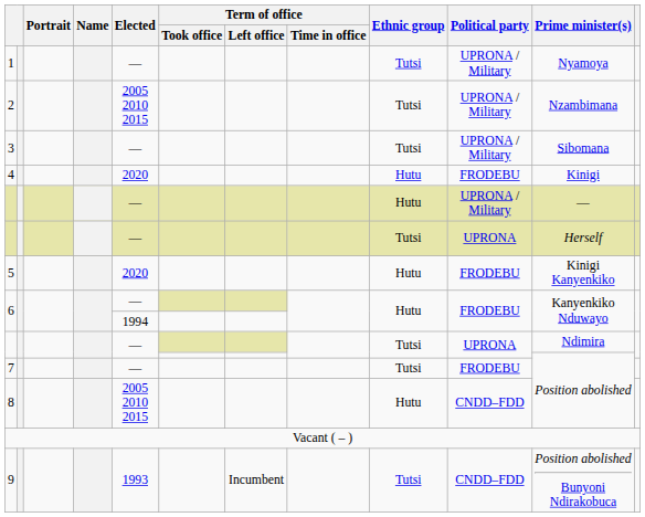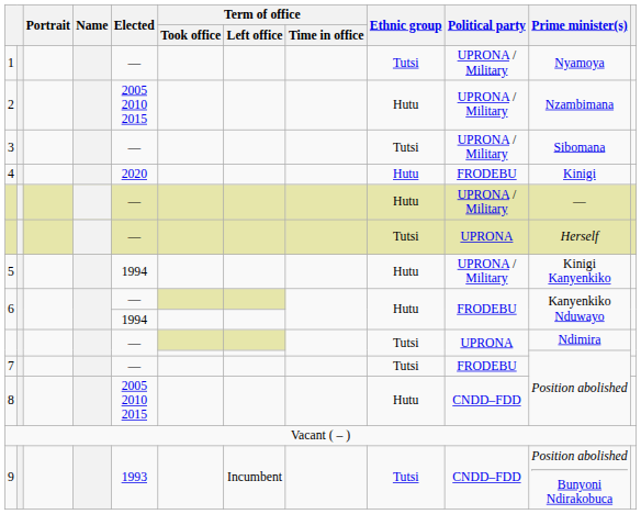 <table class="wikitable sortable" style="text-align:center">
 <tr>
 <th rowspan="2" colspan="2" scope="col"></th>
 <th rowspan="2" scope="col" class="unsortable">Portrait</th>
 <th rowspan="2" scope="col">Name<br></th>
 <th rowspan="2" scope="col">Elected</th>
 <th colspan="3" scope="colgroup">Term of office</th>
 <th rowspan="2" scope="col"><a href='#'>Ethnic group</a></th>
 <th rowspan="2" scope="col"><a href='#'>Political party</a></th>
 <th rowspan="2" scope="col"><a href='#'>Prime minister(s)</a></th>
 <th rowspan="2" scope="col" class="unsortable"></th>
 </tr>
 <tr>
 <th scope="col">Took office</th>
 <th scope="col">Left office</th>
 <th scope="col">Time in office</th>
 </tr>
 <tr>
 <td>1</td>
 <th style="background:"></th>
 <td></td>
 <th scope="row"><br></th>
 <td>—</td>
 <td></td>
 <td><br></td>
 <td></td>
 <td><a href='#'>Tutsi</a></td>
 <td><a href='#'>UPRONA</a> / <br><a href='#'>Military</a></td>
 <td><a href='#'>Nyamoya</a></td>
 <td></td>
 </tr>
 <tr>
 <td>2</td>
 <th style="background:"></th>
 <td></td>
 <th scope="row"><br><br></th>
 <td><a href='#'>2005</a><br><a href='#'>2010</a><br><a href='#'>2015</a></td>
 <td></td>
 <td><br></td>
 <td></td>
-<td>Tutsi</td>
+<td>Hutu</td>
 <td><a href='#'>UPRONA</a> / <br><a href='#'>Military</a></td>
 <td><a href='#'>Nzambimana</a></td>
 <td></td>
 </tr>
 <tr>
 <td>3</td>
 <th style="background:"></th>
 <td></td>
 <th scope="row"><br><br></th>
 <td>—</td>
 <td></td>
 <td></td>
 <td></td>
 <td>Tutsi</td>
 <td><a href='#'>UPRONA</a> / <br><a href='#'>Military</a></td>
 <td><a href='#'>Sibomana</a></td>
 <td></td>
 </tr>
 <tr>
 <td>4</td>
 <th style="background:"></th>
 <td></td>
 <th scope="row"><br></th>
 <td><a href='#'>2020</a></td>
 <td></td>
 <td><br></td>
 <td></td>
 <td><a href='#'>Hutu</a></td>
 <td><a href='#'>FRODEBU</a></td>
 <td><a href='#'>Kinigi</a></td>
 <td></td>
 </tr>
 <tr style="background:#e6e6aa;">
 <td></td>
 <th style="background:"></th>
 <td></td>
 <th scope="row"><br><br></th>
 <td>—</td>
 <td></td>
 <td></td>
 <td></td>
 <td>Hutu</td>
 <td><a href='#'>UPRONA</a> / <br><a href='#'>Military</a></td>
 <td>—</td>
 <td></td>
 </tr>
 <tr style="background:#e6e6aa;">
 <td></td>
 <th style="background:"></th>
 <td></td>
 <th scope="row"><br><br></th>
 <td>—</td>
 <td></td>
 <td></td>
 <td></td>
 <td>Tutsi</td>
 <td><a href='#'>UPRONA</a></td>
 <td><em>Herself</em></td>
 <td></td>
 </tr>
 <tr>
 <td>5</td>
 <th style="background:"></th>
 <td></td>
 <th scope="row"><br></th>
-<td><a href='#'>2020</a></td>
+<td>1994</td>
 <td></td>
 <td><br></td>
 <td></td>
 <td>Hutu</td>
-<td><a href='#'>FRODEBU</a></td>
+<td><a href='#'>UPRONA</a> / <br><a href='#'>Military</a></td>
 <td>Kinigi<br><a href='#'>Kanyenkiko</a></td>
 <td></td>
 </tr>
 <tr>
 <td rowspan="2">6</td>
 <th rowspan="2" style="background:"></th>
 <td rowspan="2"></td>
 <th rowspan="2" scope="row"><br></th>
 <td>—</td>
 <td style="background:#e6e6aa;"></td>
 <td style="background:#e6e6aa;"></td>
 <td rowspan="2"></td>
 <td rowspan="2">Hutu</td>
 <td rowspan="2"><a href='#'>FRODEBU</a></td>
 <td rowspan="2">Kanyenkiko<br><a href='#'>Nduwayo</a></td>
 <td rowspan="2"></td>
 </tr>
 <tr>
 <td>1994</td>
 <td></td>
 <td><br></td>
 </tr>
 <tr>
 <td rowspan="2"></td>
 <th rowspan="2" style="background:"></th>
 <td rowspan="2"></td>
 <th rowspan="2" scope="row"><br></th>
 <td rowspan="2">—</td>
 <td style="background:#e6e6aa;"></td>
 <td style="background:#e6e6aa;"></td>
 <td rowspan="2"></td>
 <td rowspan="2">Tutsi</td>
 <td rowspan="2"><a href='#'>UPRONA</a></td>
 <td><a href='#'>Ndimira</a></td>
 <td rowspan="2"></td>
 </tr>
 <tr>
 <td></td>
 <td></td>
 <td rowspan="3"><em>Position abolished</em></td>
 </tr>
 <tr>
 <td>7</td>
 <th style="background:"></th>
 <td></td>
 <th scope="row"><br></th>
 <td>—</td>
 <td></td>
 <td></td>
 <td></td>
 <td>Tutsi</td>
 <td><a href='#'>FRODEBU</a></td>
 <td></td>
 </tr>
 <tr>
 <td>8</td>
 <th style="background:"></th>
 <td></td>
 <th scope="row"><br></th>
 <td><a href='#'>2005</a><br><a href='#'>2010</a><br><a href='#'>2015</a></td>
 <td></td>
 <td></td>
 <td></td>
 <td>Hutu</td>
 <td><a href='#'>CNDD–FDD</a></td>
 <td></td>
 </tr>
 <tr>
 <td colspan="12">Vacant ( – )</td>
 </tr>
 <tr>
 <td>9</td>
 <th style="background:"></th>
 <td></td>
 <th scope="row"><br></th>
 <td><a href='#'>1993</a></td>
 <td></td>
 <td>Incumbent</td>
 <td></td>
 <td><a href='#'>Tutsi</a></td>
 <td><a href='#'>CNDD–FDD</a></td>
 <td><em>Position abolished<br></em><hr><a href='#'>Bunyoni</a><br><a href='#'>Ndirakobuca</a></td>
 <td></td>
 </tr>
 </table>
